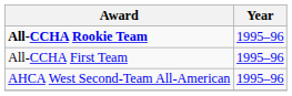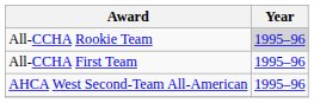 <table class="wikitable">
 <tr>
 <th>Award</th>
 <th>Year</th>
 </tr>
 <tr>
-<td><strong>All-<a href='#'>CCHA</a> <a href='#'>Rookie Team</a></strong></td>
-<td><a href='#'>1995–96</a></td>
+<td>All-<a href='#'>CCHA</a> <a href='#'>Rookie Team</a></td>
+<td style="background: lightgrey;"><a href='#'>1995–96</a></td>
 </tr>
 <tr>
 <td>All-<a href='#'>CCHA</a> <a href='#'>First Team</a></td>
 <td><a href='#'>1995–96</a></td>
 </tr>
 <tr>
 <td><a href='#'>AHCA</a> <a href='#'>West Second-Team All-American</a></td>
 <td><a href='#'>1995–96</a></td>
 </tr>
 <tr>
 </tr>
 </table>
